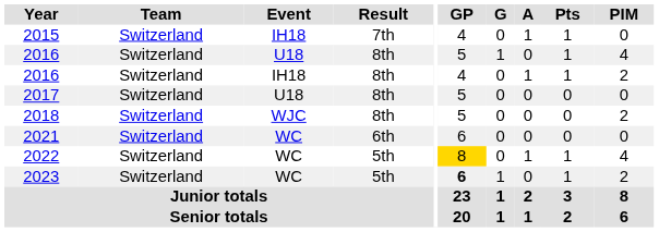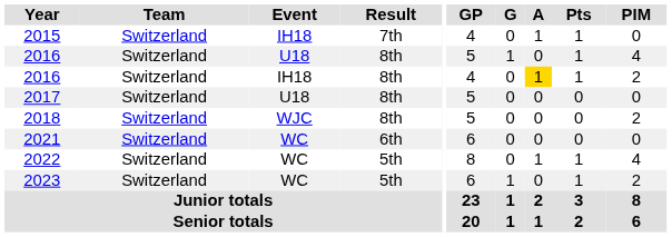 <table border="0" cellpadding="1" cellspacing="0" ID="Table3" style="text-align:center; width:40em">
 <tr bgcolor="#e0e0e0">
 <th>Year</th>
 <th>Team</th>
 <th>Event</th>
 <th>Result</th>
 <th rowspan="99" bgcolor="#ffffff"></th>
 <th>GP</th>
 <th>G</th>
 <th>A</th>
 <th>Pts</th>
 <th>PIM</th>
 </tr>
 <tr>
 <td><a href='#'>2015</a></td>
 <td><a href='#'>Switzerland</a></td>
 <td><a href='#'>IH18</a></td>
 <td>7th</td>
 <td>4</td>
 <td>0</td>
 <td>1</td>
 <td>1</td>
 <td>0</td>
 </tr>
 <tr bgcolor="#f0f0f0">
 <td><a href='#'>2016</a></td>
 <td>Switzerland</td>
 <td><a href='#'>U18</a></td>
 <td>8th</td>
 <td>5</td>
 <td>1</td>
 <td>0</td>
 <td>1</td>
 <td>4</td>
 </tr>
 <tr>
 <td><a href='#'>2016</a></td>
 <td>Switzerland</td>
 <td>IH18</td>
 <td>8th</td>
 <td>4</td>
 <td>0</td>
-<td>1</td>
+<td style="background: gold;">1</td>
 <td>1</td>
 <td>2</td>
 </tr>
 <tr bgcolor="#f0f0f0">
 <td><a href='#'>2017</a></td>
 <td>Switzerland</td>
 <td>U18</td>
 <td>8th</td>
 <td>5</td>
 <td>0</td>
 <td>0</td>
 <td>0</td>
 <td>0</td>
 </tr>
 <tr>
 <td><a href='#'>2018</a></td>
 <td><a href='#'>Switzerland</a></td>
 <td><a href='#'>WJC</a></td>
 <td>8th</td>
 <td>5</td>
 <td>0</td>
 <td>0</td>
 <td>0</td>
 <td>2</td>
 </tr>
 <tr bgcolor="#f0f0f0">
 <td><a href='#'>2021</a></td>
 <td><a href='#'>Switzerland</a></td>
 <td><a href='#'>WC</a></td>
 <td>6th</td>
 <td>6</td>
 <td>0</td>
 <td>0</td>
 <td>0</td>
 <td>0</td>
 </tr>
 <tr>
 <td><a href='#'>2022</a></td>
 <td>Switzerland</td>
 <td>WC</td>
 <td>5th</td>
-<td style="background: gold;">8</td>
+<td>8</td>
 <td>0</td>
 <td>1</td>
 <td>1</td>
 <td>4</td>
 </tr>
 <tr bgcolor="#f0f0f0">
 <td><a href='#'>2023</a></td>
 <td>Switzerland</td>
 <td>WC</td>
 <td>5th</td>
-<td><strong>6</strong></td>
+<td>6</td>
 <td>1</td>
 <td>0</td>
 <td>1</td>
 <td>2</td>
 </tr>
 <tr bgcolor="#e0e0e0">
 <th colspan="4">Junior totals</th>
 <th>23</th>
 <th>1</th>
 <th>2</th>
 <th>3</th>
 <th>8</th>
 </tr>
 <tr bgcolor="#e0e0e0">
 <th colspan="4">Senior totals</th>
 <th>20</th>
 <th>1</th>
 <th>1</th>
 <th>2</th>
 <th>6</th>
 </tr>
 </table>
